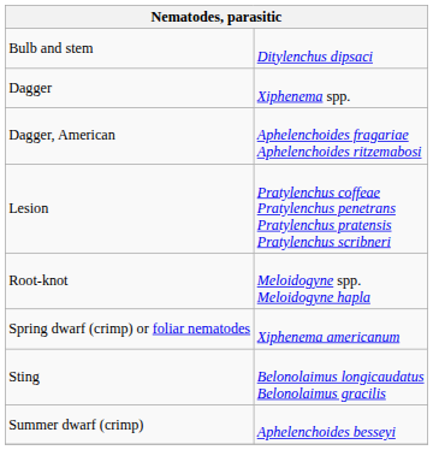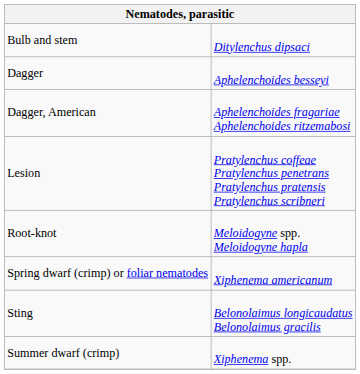 <table class="wikitable" style="clear">
 <tr>
 <th colspan=2><strong>Nematodes, parasitic</strong><br></th>
 </tr>
 <tr>
 <td>Bulb and stem</td>
 <td><br><em><a href='#'>Ditylenchus dipsaci</a></em></td>
 </tr>
 <tr>
 <td>Dagger</td>
-<td><br><em><a href='#'>Xiphenema</a></em> spp.</td>
+<td><br><em><a href='#'>Aphelenchoides besseyi</a></em></td>
 </tr>
 <tr>
 <td>Dagger, American</td>
 <td><br><em><a href='#'>Aphelenchoides fragariae</a></em><br> <em><a href='#'>Aphelenchoides ritzemabosi</a></em></td>
 </tr>
 <tr>
 <td>Lesion</td>
 <td><br><em><a href='#'>Pratylenchus coffeae</a></em><br> <em><a href='#'>Pratylenchus penetrans</a></em><br> <em><a href='#'>Pratylenchus pratensis</a></em><br> <em><a href='#'>Pratylenchus scribneri</a></em></td>
 </tr>
 <tr>
 <td>Root-knot</td>
 <td><br><em><a href='#'>Meloidogyne</a></em> spp. <br> <em><a href='#'>Meloidogyne hapla</a></em></td>
 </tr>
 <tr>
 <td>Spring dwarf (crimp) or <a href='#'>foliar nematodes</a></td>
 <td><br><em><a href='#'>Xiphenema americanum</a></em></td>
 </tr>
 <tr>
 <td>Sting</td>
 <td><br><em><a href='#'>Belonolaimus longicaudatus</a></em><br> <em><a href='#'>Belonolaimus gracilis</a></em></td>
 </tr>
 <tr>
 <td>Summer dwarf (crimp)</td>
-<td><br><em><a href='#'>Aphelenchoides besseyi</a></em></td>
+<td><br><em><a href='#'>Xiphenema</a></em> spp.</td>
 </tr>
 <tr>
 </tr>
 </table>
